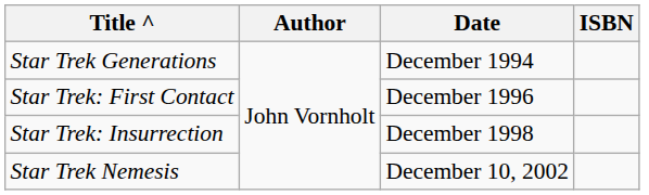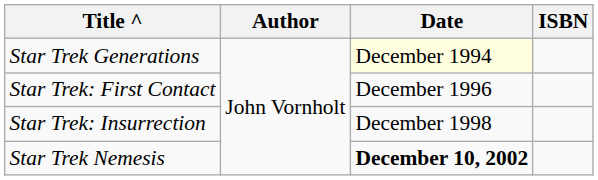 <table class="wikitable">
 <tr>
 <th>Title ^</th>
 <th>Author</th>
 <th>Date</th>
 <th>ISBN</th>
 </tr>
 <tr>
 <td><em>Star Trek Generations</em></td>
 <td rowspan="4">John Vornholt</td>
-<td>December 1994</td>
+<td style="background: lightyellow;">December 1994</td>
 <td></td>
 </tr>
 <tr>
 <td><em>Star Trek: First Contact</em></td>
 <td>December 1996</td>
 <td></td>
 </tr>
 <tr>
 <td><em>Star Trek: Insurrection</em></td>
 <td>December 1998</td>
 <td></td>
 </tr>
 <tr>
 <td><em>Star Trek Nemesis</em></td>
-<td>December 10, 2002</td>
+<td><strong>December 10, 2002</strong></td>
 <td></td>
 </tr>
 </table>
